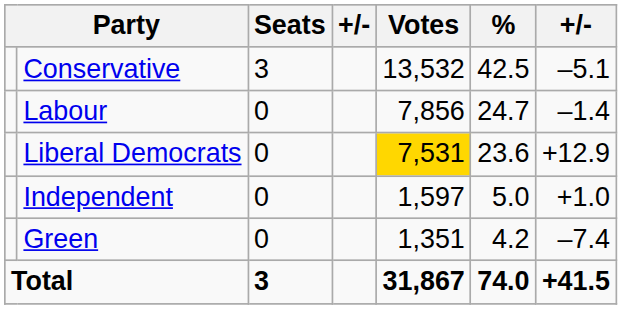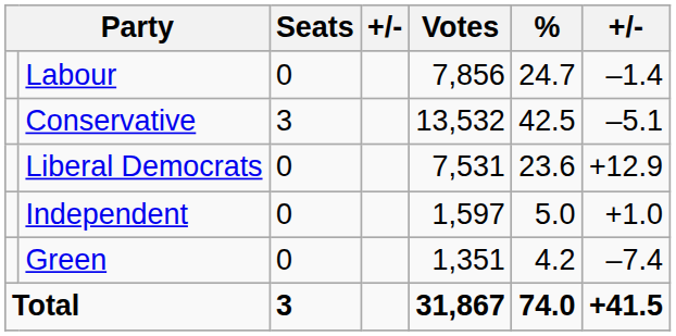 <table class="wikitable sortable">
 <tr>
 <th colspan="2">Party</th>
 <th>Seats</th>
 <th>+/-</th>
 <th>Votes</th>
 <th>%</th>
 <th>+/-</th>
+</tr>
+<tr>
+<td style="background-color: "></td>
+<td><a href='#'>Labour</a></td>
+<td>0</td>
+<td></td>
+<td style="text-align:right;">7,856</td>
+<td style="text-align:right;">24.7</td>
+<td style="text-align:right;">–1.4</td>
 </tr>
 <tr>
 <td style="background-color: "></td>
 <td><a href='#'>Conservative</a></td>
 <td>3</td>
 <td></td>
 <td style="text-align:right;">13,532</td>
 <td style="text-align:right;">42.5</td>
 <td style="text-align:right;">–5.1</td>
 </tr>
 <tr>
 <td style="background-color: "></td>
-<td><a href='#'>Labour</a></td>
-<td>0</td>
-<td></td>
-<td style="text-align:right;">7,856</td>
-<td style="text-align:right;">24.7</td>
-<td style="text-align:right;">–1.4</td>
-</tr>
-<tr>
-<td style="background-color: "></td>
 <td><a href='#'>Liberal Democrats</a></td>
 <td>0</td>
 <td></td>
-<td style="background: gold; text-align:right;">7,531</td>
+<td style="text-align:right;">7,531</td>
 <td style="text-align:right;">23.6</td>
 <td style="text-align:right;">+12.9</td>
 </tr>
 <tr>
 <td style="background-color: "></td>
 <td><a href='#'>Independent</a></td>
 <td>0</td>
 <td></td>
 <td style="text-align:right;">1,597</td>
 <td style="text-align:right;">5.0</td>
 <td style="text-align:right;">+1.0</td>
 </tr>
 <tr>
 <td style="background-color: "></td>
 <td><a href='#'>Green</a></td>
 <td>0</td>
 <td></td>
 <td style="text-align:right;">1,351</td>
 <td style="text-align:right;">4.2</td>
 <td style="text-align:right;">–7.4</td>
 </tr>
 <tr>
 <td colspan="2"><strong>Total</strong></td>
 <td><strong>3</strong></td>
 <td></td>
 <td style="text-align:right;"><strong>31,867</strong></td>
 <td style="text-align:right;"><strong>74.0</strong></td>
 <td style="text-align:right;"><strong>+41.5</strong></td>
 </tr>
 </table>
